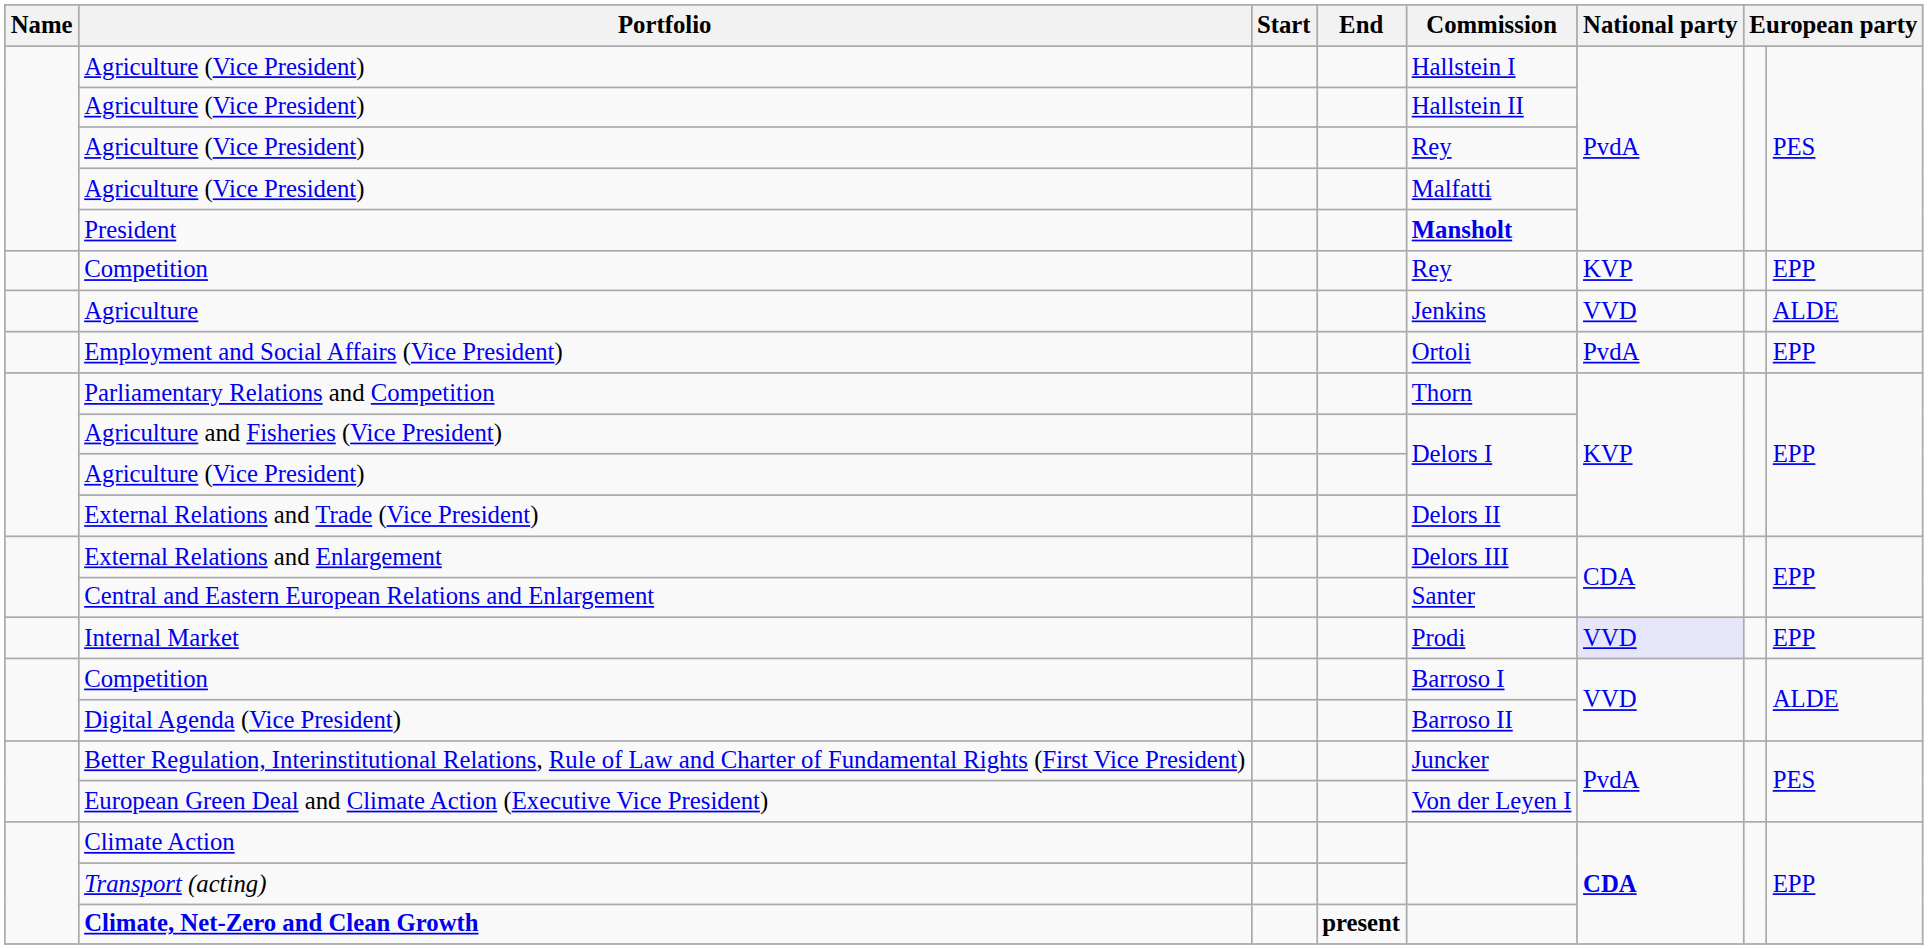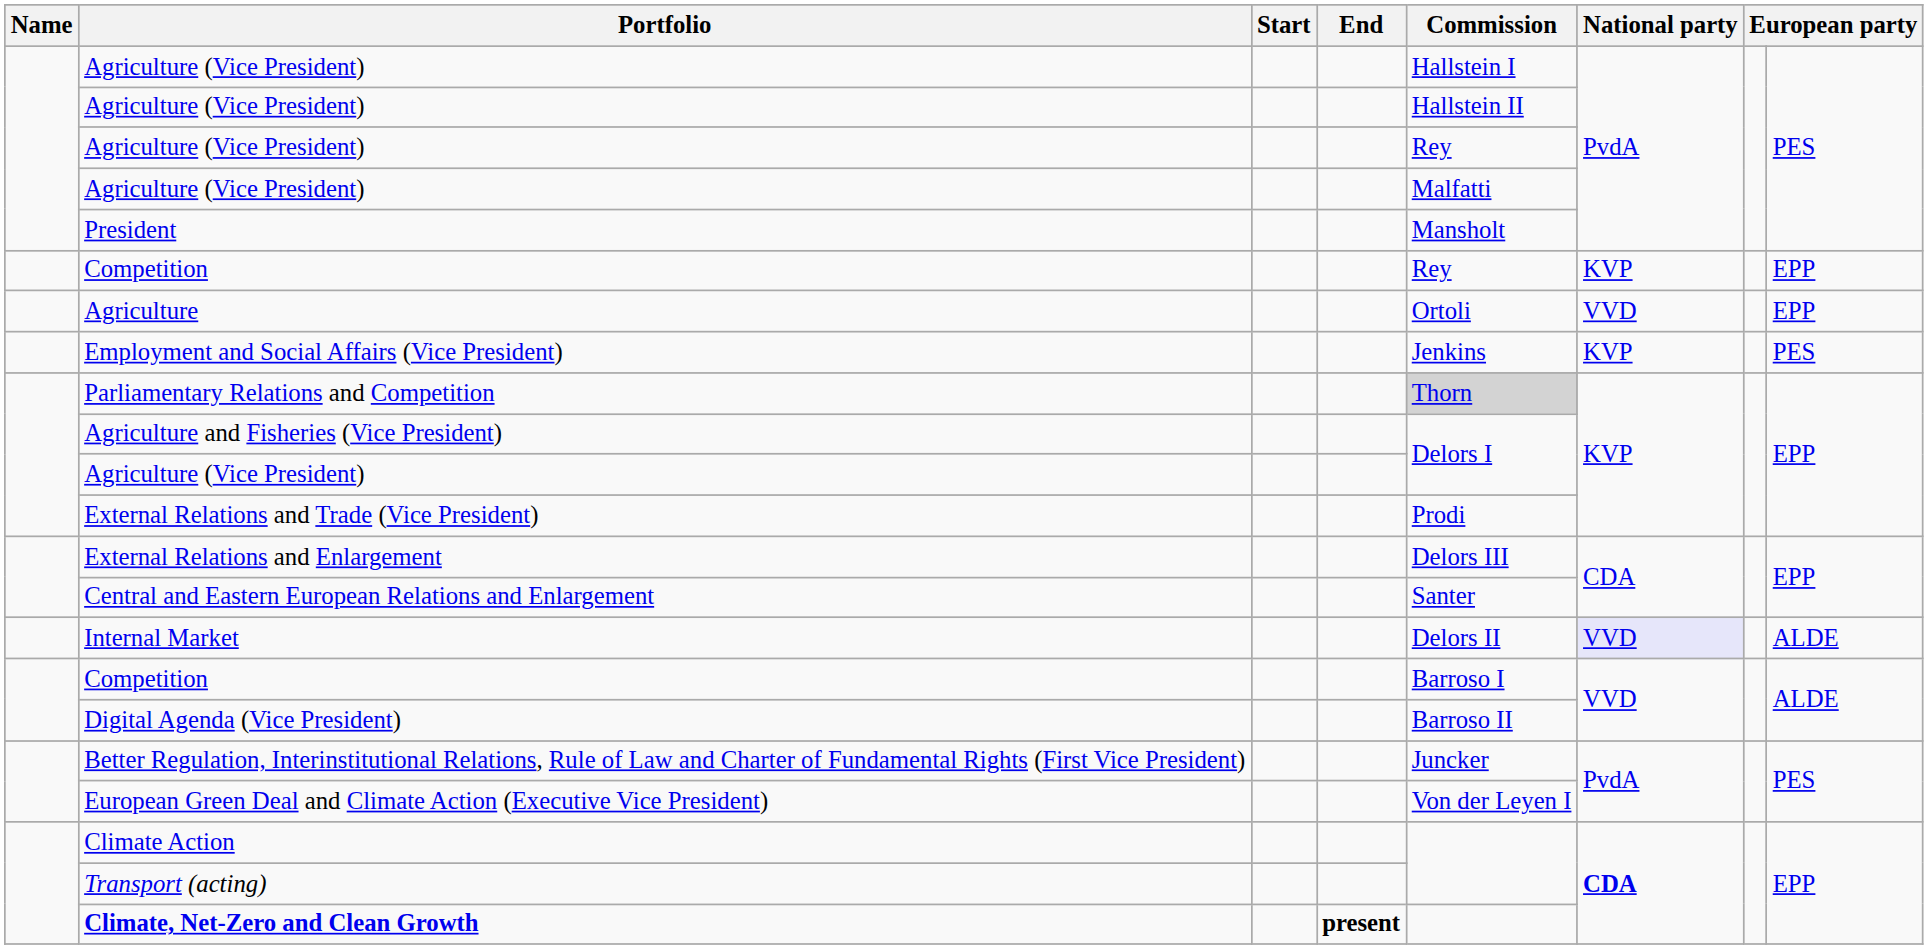 <table class="wikitable sortable" style="font-size: 90%;">
 <tr>
 <th>Name</th>
 <th>Portfolio</th>
 <th>Start</th>
 <th>End</th>
 <th>Commission</th>
 <th>National party</th>
 <th colspan=2>European party</th>
 </tr>
 <tr>
 <td rowspan=5></td>
 <td><a href='#'>Agriculture</a> (<a href='#'>Vice President</a>)</td>
 <td></td>
 <td></td>
 <td><a href='#'>Hallstein I</a></td>
 <td rowspan=5><a href='#'>PvdA</a></td>
 <td rowspan=5 style="background:"></td>
 <td rowspan=5><a href='#'>PES</a></td>
 </tr>
 <tr>
 <td><a href='#'>Agriculture</a> (<a href='#'>Vice President</a>)</td>
 <td></td>
 <td></td>
 <td><a href='#'>Hallstein II</a></td>
 </tr>
 <tr>
 <td><a href='#'>Agriculture</a> (<a href='#'>Vice President</a>)</td>
 <td></td>
 <td></td>
 <td><a href='#'>Rey</a></td>
 </tr>
 <tr>
 <td><a href='#'>Agriculture</a> (<a href='#'>Vice President</a>)</td>
 <td></td>
 <td></td>
 <td><a href='#'>Malfatti</a></td>
 </tr>
 <tr>
 <td><a href='#'>President</a></td>
 <td></td>
 <td></td>
-<td><strong><a href='#'>Mansholt</a></strong></td>
+<td><a href='#'>Mansholt</a></td>
 </tr>
 <tr>
 <td></td>
 <td><a href='#'>Competition</a></td>
 <td></td>
 <td></td>
 <td><a href='#'>Rey</a></td>
 <td><a href='#'>KVP</a></td>
 <td style="background:"></td>
 <td><a href='#'>EPP</a></td>
 </tr>
 <tr>
 <td></td>
 <td><a href='#'>Agriculture</a></td>
 <td></td>
 <td></td>
-<td><a href='#'>Jenkins</a></td>
+<td><a href='#'>Ortoli</a></td>
 <td><a href='#'>VVD</a></td>
 <td style="background:"></td>
-<td><a href='#'>ALDE</a></td>
+<td><a href='#'>EPP</a></td>
 </tr>
 <tr>
 <td></td>
 <td><a href='#'>Employment and Social Affairs</a> (<a href='#'>Vice President</a>)</td>
 <td></td>
 <td></td>
-<td><a href='#'>Ortoli</a></td>
-<td><a href='#'>PvdA</a></td>
+<td><a href='#'>Jenkins</a></td>
+<td><a href='#'>KVP</a></td>
 <td style="background:"></td>
-<td><a href='#'>EPP</a></td>
+<td><a href='#'>PES</a></td>
 </tr>
 <tr>
 <td rowspan=4></td>
 <td><a href='#'>Parliamentary Relations</a> and <a href='#'>Competition</a></td>
 <td></td>
 <td></td>
-<td><a href='#'>Thorn</a></td>
+<td style="background: lightgrey;"><a href='#'>Thorn</a></td>
 <td rowspan=4><a href='#'>KVP</a></td>
 <td rowspan=4 style="background:"></td>
 <td rowspan=4><a href='#'>EPP</a></td>
 </tr>
 <tr>
 <td><a href='#'>Agriculture</a> and <a href='#'>Fisheries</a> (<a href='#'>Vice President</a>)</td>
 <td></td>
 <td></td>
 <td rowspan=2><a href='#'>Delors I</a></td>
 </tr>
 <tr>
 <td><a href='#'>Agriculture</a> (<a href='#'>Vice President</a>)</td>
 <td></td>
 <td></td>
 </tr>
 <tr>
 <td><a href='#'>External Relations</a> and <a href='#'>Trade</a> (<a href='#'>Vice President</a>)</td>
 <td></td>
 <td></td>
-<td><a href='#'>Delors II</a></td>
+<td><a href='#'>Prodi</a></td>
 </tr>
 <tr>
 <td rowspan=2></td>
 <td><a href='#'>External Relations</a> and <a href='#'>Enlargement</a></td>
 <td></td>
 <td></td>
 <td><a href='#'>Delors III</a></td>
 <td rowspan=2><a href='#'>CDA</a></td>
 <td rowspan=2 style="background:"></td>
 <td rowspan=2><a href='#'>EPP</a></td>
 </tr>
 <tr>
 <td><a href='#'>Central and Eastern European Relations and Enlargement</a></td>
 <td></td>
 <td></td>
 <td><a href='#'>Santer</a></td>
 </tr>
 <tr>
 <td></td>
 <td><a href='#'>Internal Market</a></td>
 <td></td>
 <td></td>
-<td><a href='#'>Prodi</a></td>
+<td><a href='#'>Delors II</a></td>
 <td style="background: lavender;"><a href='#'>VVD</a></td>
 <td style="background:"></td>
-<td><a href='#'>EPP</a></td>
+<td><a href='#'>ALDE</a></td>
 </tr>
 <tr>
 <td rowspan=2></td>
 <td><a href='#'>Competition</a></td>
 <td></td>
 <td></td>
 <td><a href='#'>Barroso I</a></td>
 <td rowspan=2><a href='#'>VVD</a></td>
 <td rowspan=2 style="background:"></td>
 <td rowspan=2><a href='#'>ALDE</a></td>
 </tr>
 <tr>
 <td><a href='#'>Digital Agenda</a> (<a href='#'>Vice President</a>)</td>
 <td></td>
 <td></td>
 <td><a href='#'>Barroso II</a></td>
 </tr>
 <tr>
 <td rowspan=2></td>
 <td><a href='#'>Better Regulation, Interinstitutional Relations</a>, <a href='#'>Rule of Law and Charter of Fundamental Rights</a> (<a href='#'>First Vice President</a>)</td>
 <td></td>
 <td></td>
 <td><a href='#'>Juncker</a></td>
 <td rowspan=2><a href='#'>PvdA</a></td>
 <td rowspan=2 style="background:"></td>
 <td rowspan=2><a href='#'>PES</a></td>
 </tr>
 <tr>
 <td><a href='#'>European Green Deal</a> and <a href='#'>Climate Action</a> (<a href='#'>Executive Vice President</a>)</td>
 <td></td>
 <td></td>
 <td><a href='#'>Von der Leyen I</a></td>
 </tr>
 <tr>
 <td rowspan=3><strong></strong></td>
 <td><a href='#'>Climate Action</a></td>
 <td></td>
 <td></td>
 <td rowspan=2></td>
 <td rowspan=3><strong><a href='#'>CDA</a></strong></td>
 <td rowspan=3 style="background:"></td>
 <td rowspan=3><a href='#'>EPP</a></td>
 </tr>
 <tr>
 <td><em><a href='#'>Transport</a> (acting)</em></td>
 <td><em></em></td>
 <td><em></em></td>
 </tr>
 <tr>
 <td><strong><a href='#'>Climate, Net-Zero and Clean Growth</a></strong></td>
 <td><strong></strong></td>
 <td><strong>present</strong></td>
 <td rowspan=2><strong></strong></td>
 </tr>
 </table>
